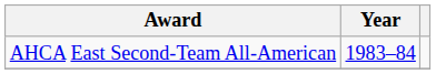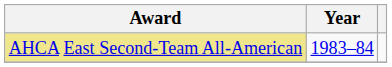 <table class="wikitable">
 <tr>
 <th>Award</th>
 <th>Year</th>
 <th></th>
 </tr>
 <tr>
-<td><a href='#'>AHCA</a> <a href='#'>East Second-Team All-American</a></td>
+<td style="background: khaki;"><a href='#'>AHCA</a> <a href='#'>East Second-Team All-American</a></td>
 <td><a href='#'>1983–84</a></td>
 <td></td>
 </tr>
 <tr>
 </tr>
 </table>
